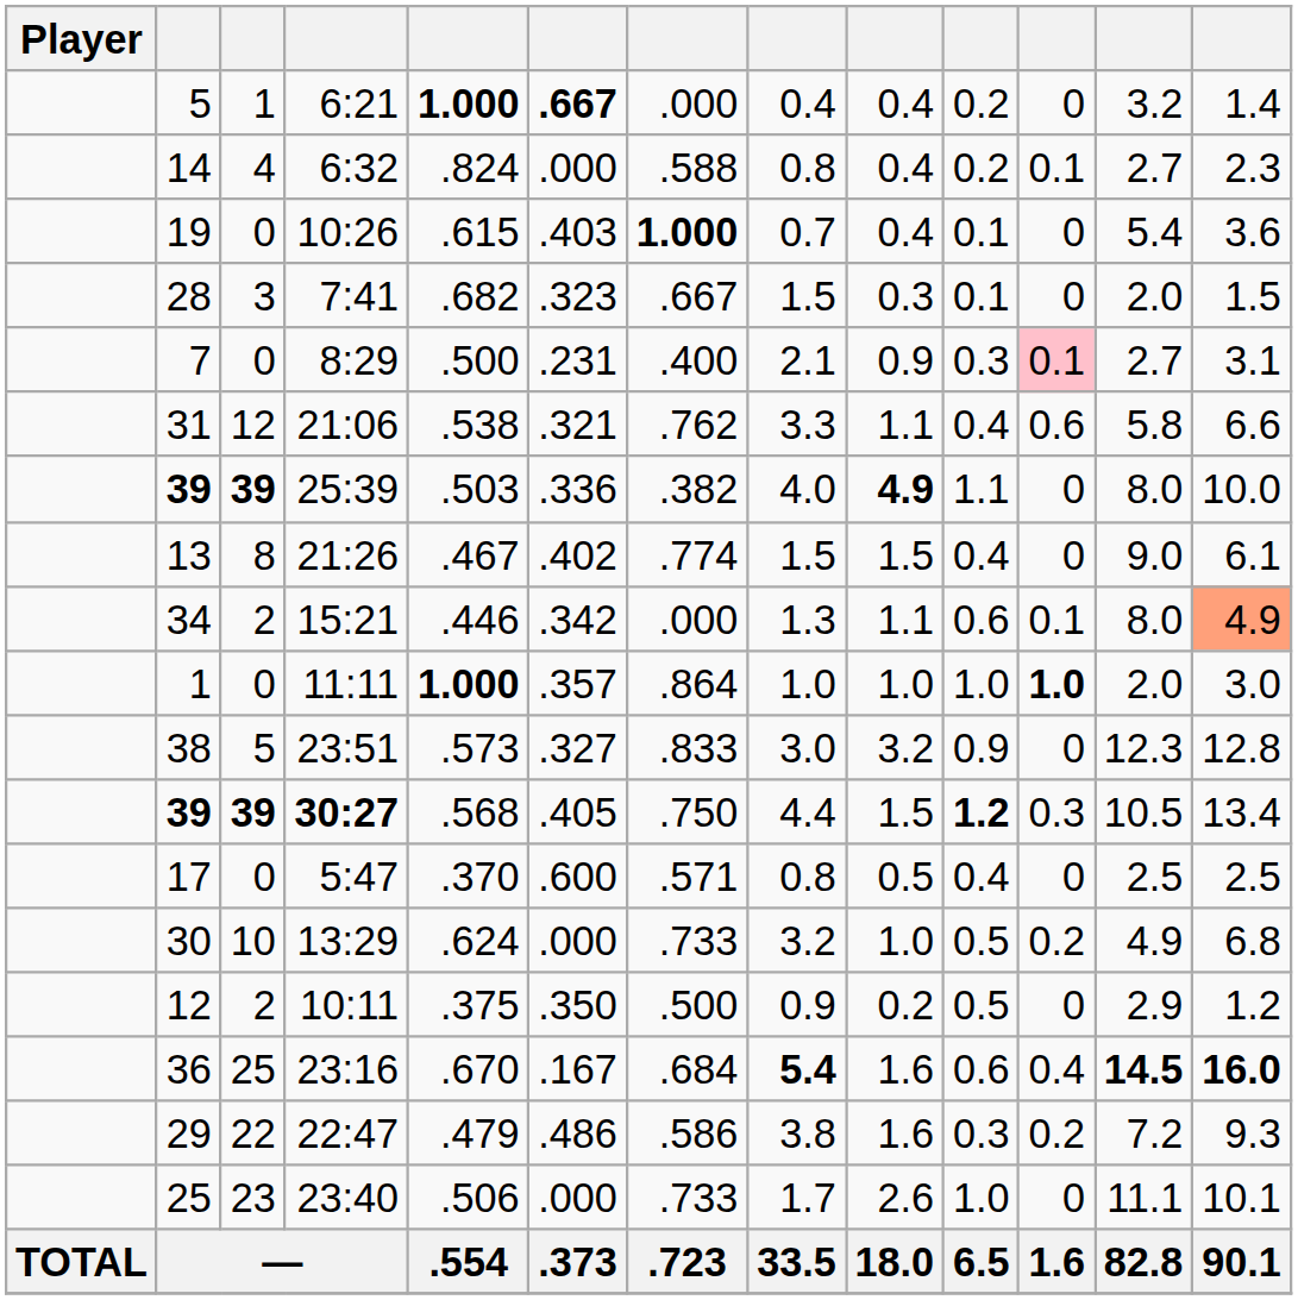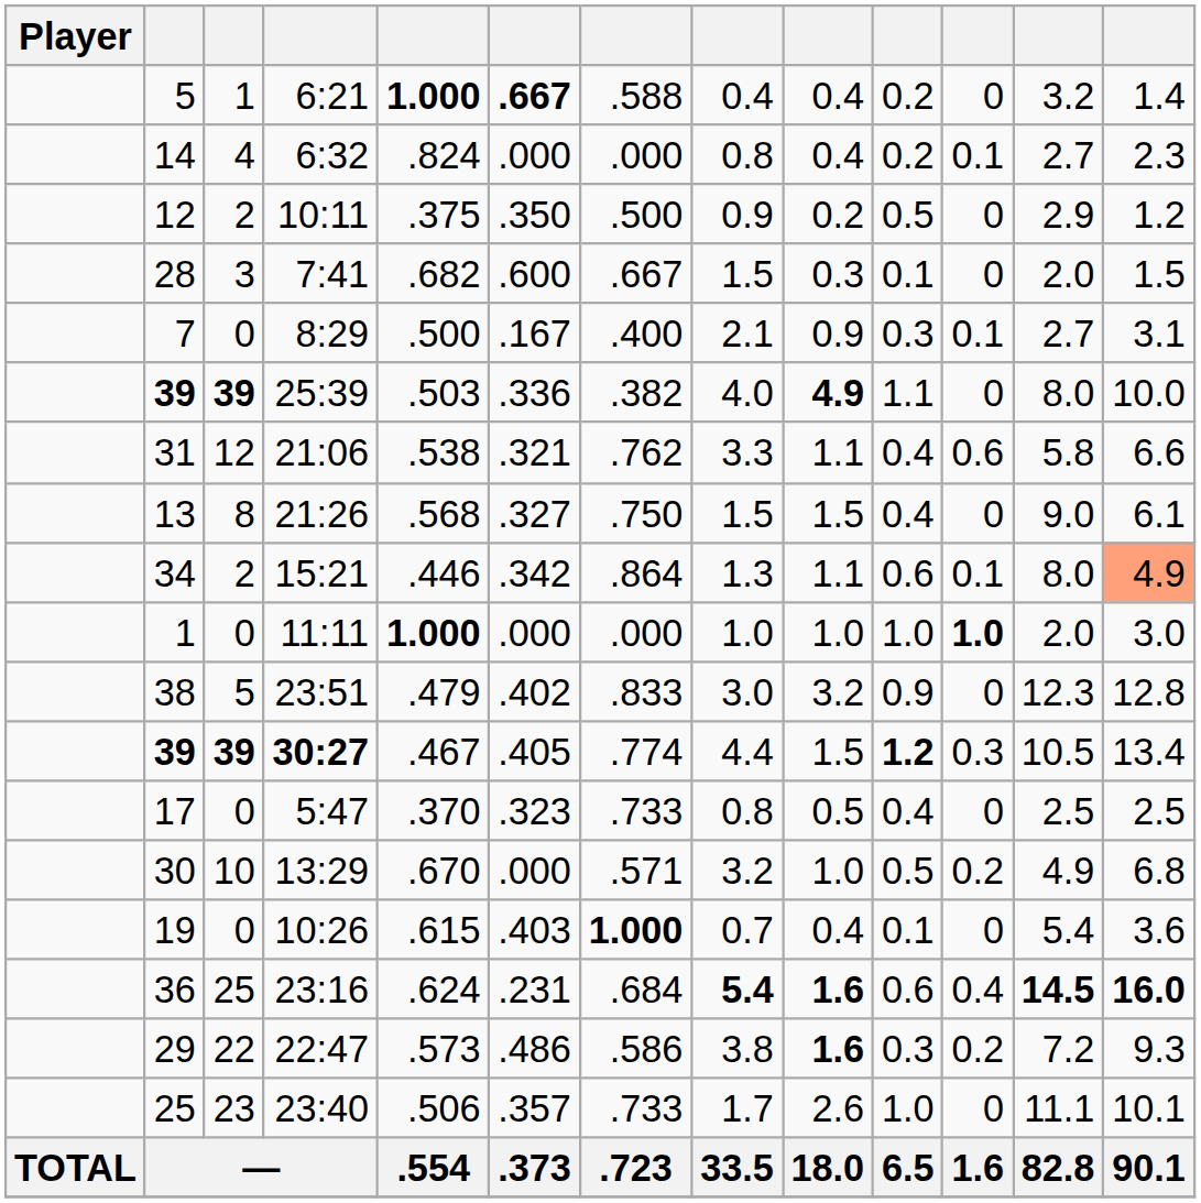 <table class="wikitable sortable" style="font-size:95%; text-align:right;">
 <tr>
 <th>Player</th>
 <th></th>
 <th></th>
 <th></th>
 <th></th>
 <th></th>
 <th></th>
 <th></th>
 <th></th>
 <th></th>
 <th></th>
 <th></th>
 <th></th>
 </tr>
 <tr>
 <td></td>
 <td>5</td>
 <td>1</td>
 <td>6:21</td>
 <td><strong>1.000</strong></td>
 <td><strong>.667</strong></td>
-<td>.000</td>
+<td>.588</td>
 <td>0.4</td>
 <td>0.4</td>
 <td>0.2</td>
 <td>0</td>
 <td>3.2</td>
 <td>1.4</td>
 </tr>
 <tr>
 <td></td>
 <td>14</td>
 <td>4</td>
 <td>6:32</td>
 <td>.824</td>
 <td>.000</td>
-<td>.588</td>
+<td>.000</td>
 <td>0.8</td>
 <td>0.4</td>
 <td>0.2</td>
 <td>0.1</td>
 <td>2.7</td>
 <td>2.3</td>
+</tr>
+<tr>
+<td></td>
+<td>12</td>
+<td>2</td>
+<td>10:11</td>
+<td>.375</td>
+<td>.350</td>
+<td>.500</td>
+<td>0.9</td>
+<td>0.2</td>
+<td>0.5</td>
+<td>0</td>
+<td>2.9</td>
+<td>1.2</td>
+</tr>
+<tr>
+<td></td>
+<td>28</td>
+<td>3</td>
+<td>7:41</td>
+<td>.682</td>
+<td>.600</td>
+<td>.667</td>
+<td>1.5</td>
+<td>0.3</td>
+<td>0.1</td>
+<td>0</td>
+<td>2.0</td>
+<td>1.5</td>
+</tr>
+<tr>
+<td></td>
+<td>7</td>
+<td>0</td>
+<td>8:29</td>
+<td>.500</td>
+<td>.167</td>
+<td>.400</td>
+<td>2.1</td>
+<td>0.9</td>
+<td>0.3</td>
+<td>0.1</td>
+<td>2.7</td>
+<td>3.1</td>
+</tr>
+<tr>
+<td></td>
+<td><strong>39</strong></td>
+<td><strong>39</strong></td>
+<td>25:39</td>
+<td>.503</td>
+<td>.336</td>
+<td>.382</td>
+<td>4.0</td>
+<td><strong>4.9</strong></td>
+<td>1.1</td>
+<td>0</td>
+<td>8.0</td>
+<td>10.0</td>
+</tr>
+<tr>
+<td></td>
+<td>31</td>
+<td>12</td>
+<td>21:06</td>
+<td>.538</td>
+<td>.321</td>
+<td>.762</td>
+<td>3.3</td>
+<td>1.1</td>
+<td>0.4</td>
+<td>0.6</td>
+<td>5.8</td>
+<td>6.6</td>
+</tr>
+<tr>
+<td></td>
+<td>13</td>
+<td>8</td>
+<td>21:26</td>
+<td>.568</td>
+<td>.327</td>
+<td>.750</td>
+<td>1.5</td>
+<td>1.5</td>
+<td>0.4</td>
+<td>0</td>
+<td>9.0</td>
+<td>6.1</td>
+</tr>
+<tr>
+<td></td>
+<td>34</td>
+<td>2</td>
+<td>15:21</td>
+<td>.446</td>
+<td>.342</td>
+<td>.864</td>
+<td>1.3</td>
+<td>1.1</td>
+<td>0.6</td>
+<td>0.1</td>
+<td>8.0</td>
+<td style="background: lightsalmon;">4.9</td>
+</tr>
+<tr>
+<td></td>
+<td>1</td>
+<td>0</td>
+<td>11:11</td>
+<td><strong>1.000</strong></td>
+<td>.000</td>
+<td>.000</td>
+<td>1.0</td>
+<td>1.0</td>
+<td>1.0</td>
+<td><strong>1.0</strong></td>
+<td>2.0</td>
+<td>3.0</td>
+</tr>
+<tr>
+<td></td>
+<td>38</td>
+<td>5</td>
+<td>23:51</td>
+<td>.479</td>
+<td>.402</td>
+<td>.833</td>
+<td>3.0</td>
+<td>3.2</td>
+<td>0.9</td>
+<td>0</td>
+<td>12.3</td>
+<td>12.8</td>
+</tr>
+<tr>
+<td></td>
+<td><strong>39</strong></td>
+<td><strong>39</strong></td>
+<td><strong>30:27</strong></td>
+<td>.467</td>
+<td>.405</td>
+<td>.774</td>
+<td>4.4</td>
+<td>1.5</td>
+<td><strong>1.2</strong></td>
+<td>0.3</td>
+<td>10.5</td>
+<td>13.4</td>
+</tr>
+<tr>
+<td></td>
+<td>17</td>
+<td>0</td>
+<td>5:47</td>
+<td>.370</td>
+<td>.323</td>
+<td>.733</td>
+<td>0.8</td>
+<td>0.5</td>
+<td>0.4</td>
+<td>0</td>
+<td>2.5</td>
+<td>2.5</td>
+</tr>
+<tr>
+<td></td>
+<td>30</td>
+<td>10</td>
+<td>13:29</td>
+<td>.670</td>
+<td>.000</td>
+<td>.571</td>
+<td>3.2</td>
+<td>1.0</td>
+<td>0.5</td>
+<td>0.2</td>
+<td>4.9</td>
+<td>6.8</td>
 </tr>
 <tr>
 <td></td>
 <td>19</td>
 <td>0</td>
 <td>10:26</td>
 <td>.615</td>
 <td>.403</td>
 <td><strong>1.000</strong></td>
 <td>0.7</td>
 <td>0.4</td>
 <td>0.1</td>
 <td>0</td>
 <td>5.4</td>
 <td>3.6</td>
 </tr>
 <tr>
 <td></td>
-<td>28</td>
-<td>3</td>
-<td>7:41</td>
-<td>.682</td>
-<td>.323</td>
-<td>.667</td>
-<td>1.5</td>
-<td>0.3</td>
-<td>0.1</td>
-<td>0</td>
-<td>2.0</td>
-<td>1.5</td>
-</tr>
-<tr>
-<td></td>
-<td>7</td>
-<td>0</td>
-<td>8:29</td>
-<td>.500</td>
-<td>.231</td>
-<td>.400</td>
-<td>2.1</td>
-<td>0.9</td>
-<td>0.3</td>
-<td style="background: pink;">0.1</td>
-<td>2.7</td>
-<td>3.1</td>
-</tr>
-<tr>
-<td></td>
-<td>31</td>
-<td>12</td>
-<td>21:06</td>
-<td>.538</td>
-<td>.321</td>
-<td>.762</td>
-<td>3.3</td>
-<td>1.1</td>
-<td>0.4</td>
-<td>0.6</td>
-<td>5.8</td>
-<td>6.6</td>
-</tr>
-<tr>
-<td></td>
-<td><strong>39</strong></td>
-<td><strong>39</strong></td>
-<td>25:39</td>
-<td>.503</td>
-<td>.336</td>
-<td>.382</td>
-<td>4.0</td>
-<td><strong>4.9</strong></td>
-<td>1.1</td>
-<td>0</td>
-<td>8.0</td>
-<td>10.0</td>
-</tr>
-<tr>
-<td></td>
-<td>13</td>
-<td>8</td>
-<td>21:26</td>
-<td>.467</td>
-<td>.402</td>
-<td>.774</td>
-<td>1.5</td>
-<td>1.5</td>
-<td>0.4</td>
-<td>0</td>
-<td>9.0</td>
-<td>6.1</td>
-</tr>
-<tr>
-<td></td>
-<td>34</td>
-<td>2</td>
-<td>15:21</td>
-<td>.446</td>
-<td>.342</td>
-<td>.000</td>
-<td>1.3</td>
-<td>1.1</td>
-<td>0.6</td>
-<td>0.1</td>
-<td>8.0</td>
-<td style="background: lightsalmon;">4.9</td>
-</tr>
-<tr>
-<td></td>
-<td>1</td>
-<td>0</td>
-<td>11:11</td>
-<td><strong>1.000</strong></td>
-<td>.357</td>
-<td>.864</td>
-<td>1.0</td>
-<td>1.0</td>
-<td>1.0</td>
-<td><strong>1.0</strong></td>
-<td>2.0</td>
-<td>3.0</td>
-</tr>
-<tr>
-<td></td>
-<td>38</td>
-<td>5</td>
-<td>23:51</td>
-<td>.573</td>
-<td>.327</td>
-<td>.833</td>
-<td>3.0</td>
-<td>3.2</td>
-<td>0.9</td>
-<td>0</td>
-<td>12.3</td>
-<td>12.8</td>
-</tr>
-<tr>
-<td></td>
-<td><strong>39</strong></td>
-<td><strong>39</strong></td>
-<td><strong>30:27</strong></td>
-<td>.568</td>
-<td>.405</td>
-<td>.750</td>
-<td>4.4</td>
-<td>1.5</td>
-<td><strong>1.2</strong></td>
-<td>0.3</td>
-<td>10.5</td>
-<td>13.4</td>
-</tr>
-<tr>
-<td></td>
-<td>17</td>
-<td>0</td>
-<td>5:47</td>
-<td>.370</td>
-<td>.600</td>
-<td>.571</td>
-<td>0.8</td>
-<td>0.5</td>
-<td>0.4</td>
-<td>0</td>
-<td>2.5</td>
-<td>2.5</td>
-</tr>
-<tr>
-<td></td>
-<td>30</td>
-<td>10</td>
-<td>13:29</td>
-<td>.624</td>
-<td>.000</td>
-<td>.733</td>
-<td>3.2</td>
-<td>1.0</td>
-<td>0.5</td>
-<td>0.2</td>
-<td>4.9</td>
-<td>6.8</td>
-</tr>
-<tr>
-<td></td>
-<td>12</td>
-<td>2</td>
-<td>10:11</td>
-<td>.375</td>
-<td>.350</td>
-<td>.500</td>
-<td>0.9</td>
-<td>0.2</td>
-<td>0.5</td>
-<td>0</td>
-<td>2.9</td>
-<td>1.2</td>
-</tr>
-<tr>
-<td></td>
 <td>36</td>
 <td>25</td>
 <td>23:16</td>
-<td>.670</td>
-<td>.167</td>
+<td>.624</td>
+<td>.231</td>
 <td>.684</td>
 <td><strong>5.4</strong></td>
-<td>1.6</td>
+<td><strong>1.6</strong></td>
 <td>0.6</td>
 <td>0.4</td>
 <td><strong>14.5</strong></td>
 <td><strong>16.0</strong></td>
 </tr>
 <tr>
 <td></td>
 <td>29</td>
 <td>22</td>
 <td>22:47</td>
-<td>.479</td>
+<td>.573</td>
 <td>.486</td>
 <td>.586</td>
 <td>3.8</td>
-<td>1.6</td>
+<td><strong>1.6</strong></td>
 <td>0.3</td>
 <td>0.2</td>
 <td>7.2</td>
 <td>9.3</td>
 </tr>
 <tr>
 <td></td>
 <td>25</td>
 <td>23</td>
 <td>23:40</td>
 <td>.506</td>
-<td>.000</td>
+<td>.357</td>
 <td>.733</td>
 <td>1.7</td>
 <td>2.6</td>
 <td>1.0</td>
 <td>0</td>
 <td>11.1</td>
 <td>10.1</td>
 </tr>
 <tr>
 <th align=center><strong>TOTAL</strong></th>
 <th colspan=3>—</th>
 <th>.554</th>
 <th>.373</th>
 <th>.723</th>
 <th>33.5</th>
 <th>18.0</th>
 <th>6.5</th>
 <th>1.6</th>
 <th>82.8</th>
 <th>90.1</th>
 </tr>
 <tr>
 </tr>
 </table>
